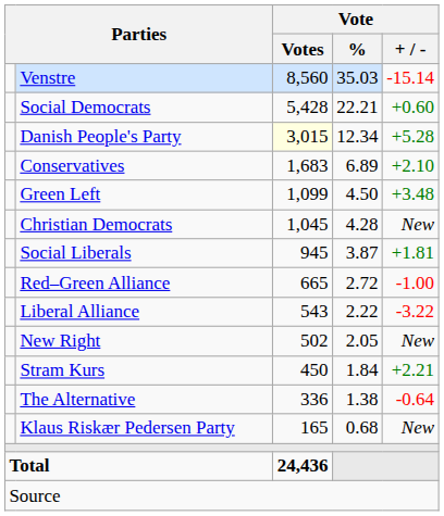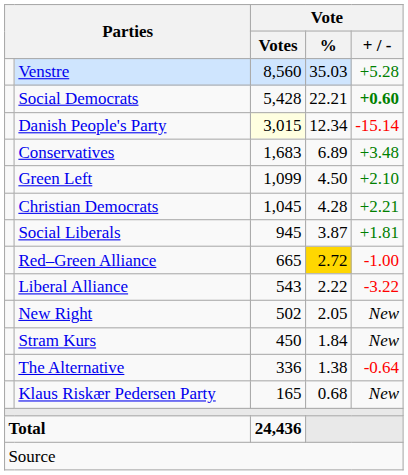 <table class="wikitable" style="text-align:right;">
 <tr>
 <th style="text-align:centre;" rowspan="2" colspan="2" width="225">Parties</th>
 <th colspan="3">Vote</th>
 </tr>
 <tr>
 <th width="15">Votes</th>
 <th width="15">%</th>
 <th width="15">+ / -</th>
 </tr>
 <tr>
 <td width="2" style="color:inherit;background:"></td>
 <td bgcolor=#cfe5fe  align="left"><a href='#'>Venstre</a></td>
 <td bgcolor=#cfe5fe>8,560</td>
 <td bgcolor=#cfe5fe>35.03</td>
-<td style=color:red;>-15.14</td>
+<td style=color:green;>+5.28</td>
 </tr>
 <tr>
 <td width="2" style="color:inherit;background:"></td>
 <td align="left"><a href='#'>Social Democrats</a></td>
 <td>5,428</td>
 <td>22.21</td>
-<td style=color:green;>+0.60</td>
+<td style=color:green;><strong>+0.60</strong></td>
 </tr>
 <tr>
 <td width="2" style="color:inherit;background:"></td>
 <td align="left"><a href='#'>Danish People's Party</a></td>
 <td style="background: lightyellow;">3,015</td>
 <td>12.34</td>
-<td style=color:green;>+5.28</td>
+<td style=color:red;>-15.14</td>
 </tr>
 <tr>
 <td width="2" style="color:inherit;background:"></td>
 <td align="left"><a href='#'>Conservatives</a></td>
 <td>1,683</td>
 <td>6.89</td>
-<td style=color:green;>+2.10</td>
+<td style=color:green;>+3.48</td>
 </tr>
 <tr>
 <td width="2" style="color:inherit;background:"></td>
 <td align="left"><a href='#'>Green Left</a></td>
 <td>1,099</td>
 <td>4.50</td>
-<td style=color:green;>+3.48</td>
+<td style=color:green;>+2.10</td>
 </tr>
 <tr>
 <td width="2" style="color:inherit;background:"></td>
 <td align="left"><a href='#'>Christian Democrats</a></td>
 <td>1,045</td>
 <td>4.28</td>
-<td><em>New</em></td>
+<td style=color:green;>+2.21</td>
 </tr>
 <tr>
 <td width="2" style="color:inherit;background:"></td>
 <td align="left"><a href='#'>Social Liberals</a></td>
 <td>945</td>
 <td>3.87</td>
 <td style=color:green;>+1.81</td>
 </tr>
 <tr>
 <td width="2" style="color:inherit;background:"></td>
 <td align="left"><a href='#'>Red–Green Alliance</a></td>
 <td>665</td>
-<td>2.72</td>
+<td style="background: gold;">2.72</td>
 <td style=color:red;>-1.00</td>
 </tr>
 <tr>
 <td width="2" style="color:inherit;background:"></td>
 <td align="left"><a href='#'>Liberal Alliance</a></td>
 <td>543</td>
 <td>2.22</td>
 <td style=color:red;>-3.22</td>
 </tr>
 <tr>
 <td width="2" style="color:inherit;background:"></td>
 <td align="left"><a href='#'>New Right</a></td>
 <td>502</td>
 <td>2.05</td>
 <td><em>New</em></td>
 </tr>
 <tr>
 <td width="2" style="color:inherit;background:"></td>
 <td align="left"><a href='#'>Stram Kurs</a></td>
 <td>450</td>
 <td>1.84</td>
-<td style=color:green;>+2.21</td>
+<td><em>New</em></td>
 </tr>
 <tr>
 <td width="2" style="color:inherit;background:"></td>
 <td align="left"><a href='#'>The Alternative</a></td>
 <td>336</td>
 <td>1.38</td>
 <td style=color:red;>-0.64</td>
 </tr>
 <tr>
 <td width="2" style="color:inherit;background:"></td>
 <td align="left"><a href='#'>Klaus Riskær Pedersen Party</a></td>
 <td>165</td>
 <td>0.68</td>
 <td><em>New</em></td>
 </tr>
 <tr>
 <td colspan="7" bgcolor="#E9E9E9"></td>
 </tr>
 <tr>
 <td align="left" colspan="2"><strong>Total</strong></td>
 <td><strong>24,436</strong></td>
 <td bgcolor="#E9E9E9" colspan="2"></td>
 </tr>
 <tr>
 <td align="left" colspan="6">Source</td>
 </tr>
 </table>
